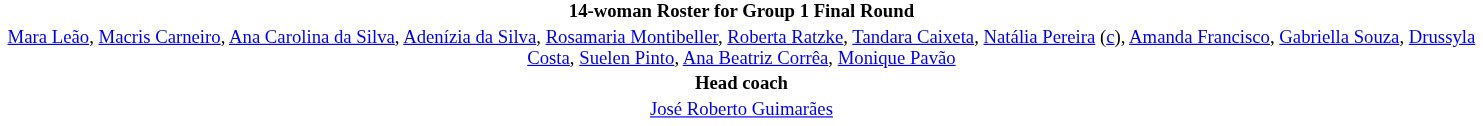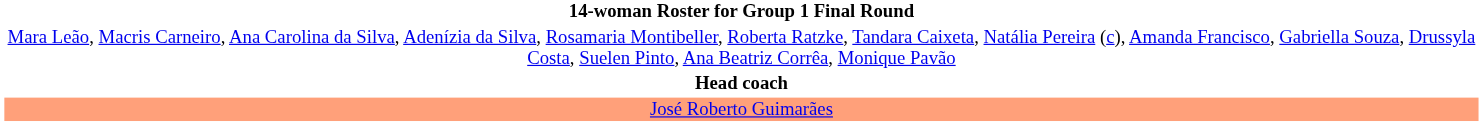 <table style="text-align:center;margin-top:2em;margin-left:auto;margin-right:auto">
 <tr>
 <td><strong>14-woman Roster for Group 1 Final Round</strong></td>
 </tr>
 <tr>
 <td><a href='#'>Mara Leão</a>, <a href='#'>Macris Carneiro</a>, <a href='#'>Ana Carolina da Silva</a>, <a href='#'>Adenízia da Silva</a>, <a href='#'>Rosamaria Montibeller</a>, <a href='#'>Roberta Ratzke</a>, <a href='#'>Tandara Caixeta</a>, <a href='#'>Natália Pereira</a> (<a href='#'>c</a>), <a href='#'>Amanda Francisco</a>, <a href='#'>Gabriella Souza</a>, <a href='#'>Drussyla Costa</a>, <a href='#'>Suelen Pinto</a>, <a href='#'>Ana Beatriz Corrêa</a>, <a href='#'>Monique Pavão</a></td>
 </tr>
 <tr>
 <td><strong>Head coach</strong></td>
 </tr>
 <tr>
-<td><a href='#'>José Roberto Guimarães</a></td>
+<td style="background: lightsalmon;"><a href='#'>José Roberto Guimarães</a></td>
 </tr>
 </table>
